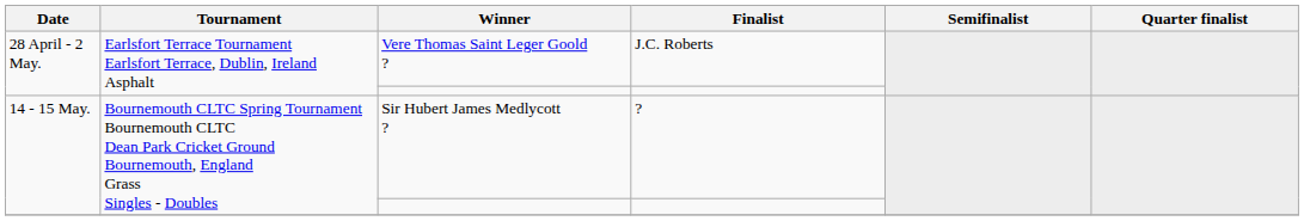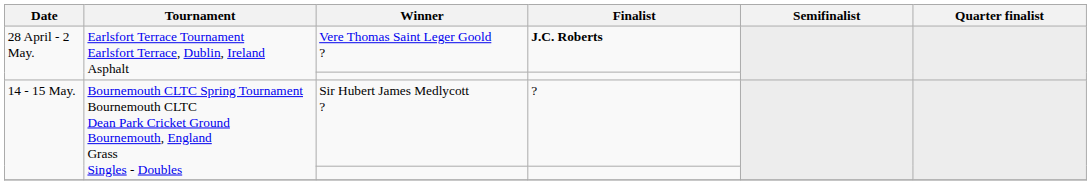 <table class="wikitable" style="font-size:85%;">
 <tr>
 <th width="75">Date</th>
 <th width="230">Tournament</th>
 <th width="210">Winner</th>
 <th width="210">Finalist</th>
 <th width="170">Semifinalist</th>
 <th width="170">Quarter finalist</th>
 </tr>
 <tr valign=top>
 <td rowspan=2>28 April - 2 May.</td>
 <td rowspan=2><a href='#'>Earlsfort Terrace Tournament</a><br><a href='#'>Earlsfort Terrace</a>, <a href='#'>Dublin</a>, <a href='#'>Ireland</a><br>Asphalt<br></td>
 <td>  <a href='#'>Vere Thomas Saint Leger Goold</a><br>?</td>
-<td> J.C. Roberts</td>
+<td><strong> J.C. Roberts</strong></td>
 <td style="background:#ededed;" rowspan=2></td>
 <td style="background:#ededed;" rowspan=2></td>
 </tr>
 <tr valign=top>
 <td></td>
 <td></td>
 </tr>
 <tr valign=top>
 <td rowspan=2>14 - 15 May.</td>
 <td rowspan=2><a href='#'>Bournemouth CLTC Spring Tournament</a><br>Bournemouth CLTC<br><a href='#'>Dean Park Cricket Ground</a><br><a href='#'>Bournemouth</a>, <a href='#'>England</a><br>Grass<br><a href='#'>Singles</a> - <a href='#'>Doubles</a></td>
 <td> Sir Hubert James Medlycott <br>?</td>
 <td>?</td>
 <td style="background:#ededed;" rowspan=2></td>
 <td style="background:#ededed;" rowspan=2></td>
 </tr>
 <tr valign=top>
 <td></td>
 <td></td>
 </tr>
 <tr valign=top>
 </tr>
 </table>
